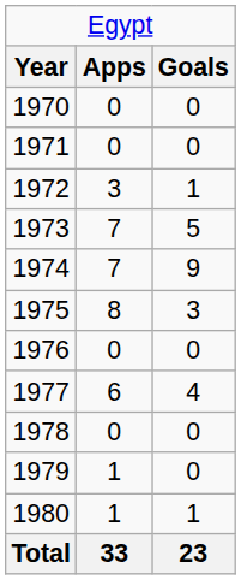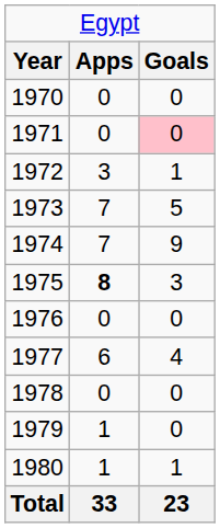 <table class="wikitable" style="text-align:center">
 <tr>
 <td colspan="3"><a href='#'>Egypt</a></td>
 </tr>
 <tr>
 <th>Year</th>
 <th>Apps</th>
 <th>Goals</th>
 </tr>
 <tr>
 <td>1970</td>
 <td>0</td>
 <td>0</td>
 </tr>
 <tr>
 <td>1971</td>
 <td>0</td>
-<td>0</td>
+<td style="background: pink;">0</td>
 </tr>
 <tr>
 <td>1972</td>
 <td>3</td>
 <td>1</td>
 </tr>
 <tr>
 <td>1973</td>
 <td>7</td>
 <td>5</td>
 </tr>
 <tr>
 <td>1974</td>
 <td>7</td>
 <td>9</td>
 </tr>
 <tr>
 <td>1975</td>
-<td>8</td>
+<td><strong>8</strong></td>
 <td>3</td>
 </tr>
 <tr>
 <td>1976</td>
 <td>0</td>
 <td>0</td>
 </tr>
 <tr>
 <td>1977</td>
 <td>6</td>
 <td>4</td>
 </tr>
 <tr>
 <td>1978</td>
 <td>0</td>
 <td>0</td>
 </tr>
 <tr>
 <td>1979</td>
 <td>1</td>
 <td>0</td>
 </tr>
 <tr>
 <td>1980</td>
 <td>1</td>
 <td>1</td>
 </tr>
 <tr>
 <th>Total</th>
 <th>33</th>
 <th>23</th>
 </tr>
 </table>
